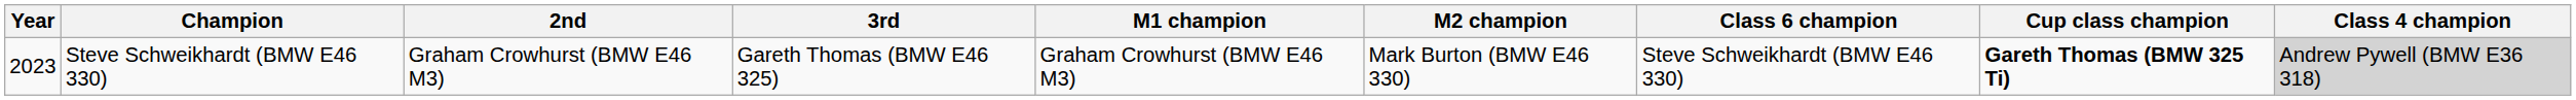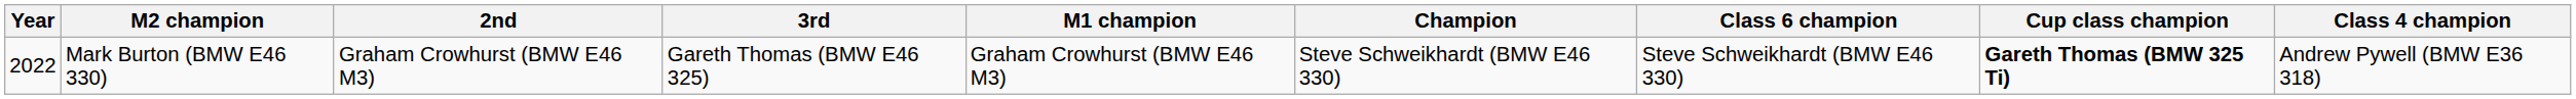 <table class="wikitable">
 <tr>
 <th>Year</th>
-<th>Champion</th>
+<th>M2 champion</th>
 <th>2nd</th>
 <th>3rd</th>
 <th>M1 champion</th>
-<th>M2 champion</th>
+<th>Champion</th>
 <th>Class 6 champion</th>
 <th>Cup class champion</th>
 <th>Class 4 champion</th>
 </tr>
 <tr>
-<td>2023</td>
-<td>Steve Schweikhardt (BMW E46 330)</td>
+<td>2022</td>
+<td>Mark Burton (BMW E46 330)</td>
 <td>Graham Crowhurst (BMW E46 M3)</td>
 <td>Gareth Thomas (BMW E46 325)</td>
 <td>Graham Crowhurst (BMW E46 M3)</td>
-<td>Mark Burton (BMW E46 330)</td>
+<td>Steve Schweikhardt (BMW E46 330)</td>
 <td>Steve Schweikhardt (BMW E46 330)</td>
 <td><strong>Gareth Thomas (BMW 325 Ti)</strong></td>
-<td style="background: lightgrey;">Andrew Pywell (BMW E36 318)</td>
+<td>Andrew Pywell (BMW E36 318)</td>
 </tr>
 </table>
